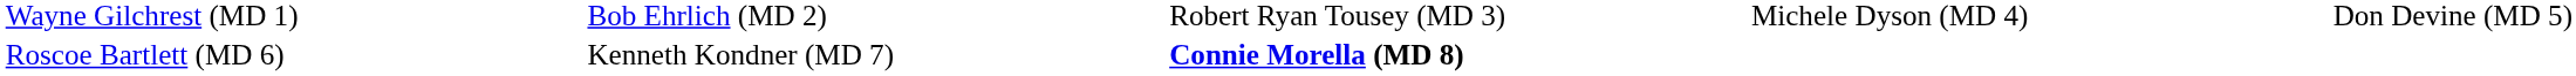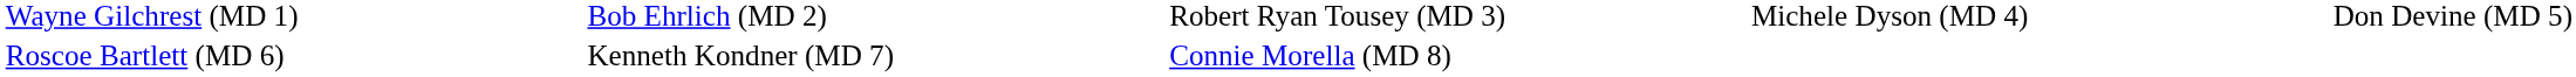 <table width="100%">
 <tr>
 <td width="20%"><a href='#'>Wayne Gilchrest</a> (MD 1)</td>
 <td width="20%"><a href='#'>Bob Ehrlich</a> (MD 2)</td>
 <td width="20%">Robert Ryan Tousey (MD 3)</td>
 <td width="20%">Michele Dyson (MD 4)</td>
 <td width="20%">Don Devine (MD 5)</td>
 </tr>
 <tr>
 <td><a href='#'>Roscoe Bartlett</a> (MD 6)</td>
 <td>Kenneth Kondner (MD 7)</td>
-<td><strong><a href='#'>Connie Morella</a> (MD 8)</strong></td>
+<td><a href='#'>Connie Morella</a> (MD 8)</td>
 </tr>
 </table>
